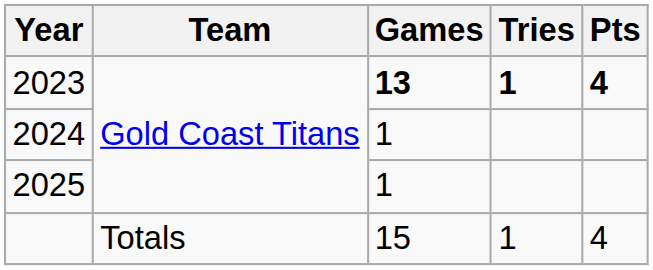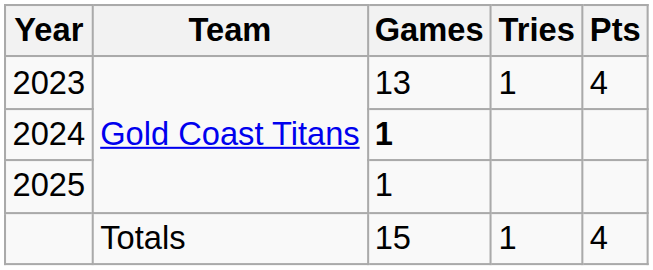 <table class="wikitable">
 <tr>
 <th>Year</th>
 <th>Team</th>
 <th>Games</th>
 <th>Tries</th>
 <th>Pts</th>
 </tr>
 <tr>
 <td>2023</td>
 <td rowspan="3"> <a href='#'>Gold Coast Titans</a></td>
-<td><strong>13</strong></td>
-<td><strong>1</strong></td>
-<td><strong>4</strong></td>
+<td>13</td>
+<td>1</td>
+<td>4</td>
 </tr>
 <tr>
 <td>2024</td>
-<td>1</td>
+<td><strong>1</strong></td>
 <td></td>
 <td></td>
 </tr>
 <tr>
 <td>2025</td>
 <td>1</td>
 <td></td>
 <td></td>
 </tr>
 <tr>
 <td></td>
 <td>Totals</td>
 <td>15</td>
 <td>1</td>
 <td>4</td>
 </tr>
 </table>
